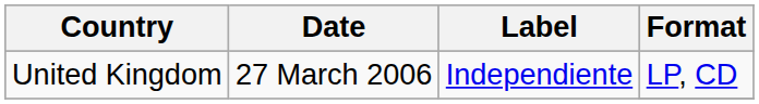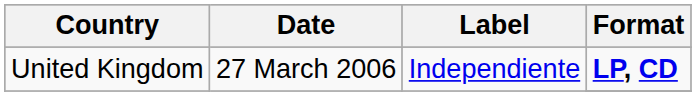 <table class="wikitable">
 <tr>
 <th>Country</th>
 <th>Date</th>
 <th>Label</th>
 <th>Format</th>
 </tr>
 <tr>
 <td rowspan="2">United Kingdom</td>
 <td rowspan="2">27 March 2006</td>
 <td rowspan="2"><a href='#'>Independiente</a></td>
-<td><a href='#'>LP</a>, <a href='#'>CD</a></td>
+<td><strong><a href='#'>LP</a>, <a href='#'>CD</a></strong></td>
 </tr>
 <tr>
 </tr>
 </table>
